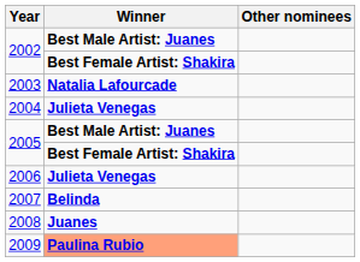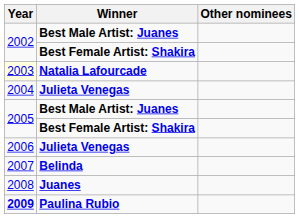 <table class="wikitable">
 <tr>
 <th>Year</th>
 <th>Winner</th>
 <th>Other nominees</th>
 </tr>
 <tr>
 <td rowspan="2"><a href='#'>2002</a></td>
 <td><strong>Best Male Artist: <a href='#'>Juanes</a></strong></td>
 <td></td>
 </tr>
 <tr>
 <td><strong>Best Female Artist: <a href='#'>Shakira</a></strong></td>
 <td></td>
 </tr>
 <tr>
-<td><a href='#'>2003</a></td>
+<td style="background: lightyellow;"><a href='#'>2003</a></td>
 <td><strong><a href='#'>Natalia Lafourcade</a></strong></td>
 <td></td>
 </tr>
 <tr>
 <td><a href='#'>2004</a></td>
 <td><strong><a href='#'>Julieta Venegas</a></strong></td>
 <td></td>
 </tr>
 <tr>
 <td rowspan="2"><a href='#'>2005</a></td>
 <td><strong>Best Male Artist: <a href='#'>Juanes</a></strong></td>
 <td></td>
 </tr>
 <tr>
 <td><strong>Best Female Artist: <a href='#'>Shakira</a></strong></td>
 <td></td>
 </tr>
 <tr>
 <td><a href='#'>2006</a></td>
 <td><strong><a href='#'>Julieta Venegas</a></strong></td>
 <td></td>
 </tr>
 <tr>
 <td><a href='#'>2007</a></td>
 <td><strong><a href='#'>Belinda</a></strong></td>
 <td></td>
 </tr>
 <tr>
 <td><a href='#'>2008</a></td>
 <td><strong><a href='#'>Juanes</a></strong></td>
 <td></td>
 </tr>
 <tr>
-<td><a href='#'>2009</a></td>
-<td style="background: lightsalmon;"><strong><a href='#'>Paulina Rubio</a></strong></td>
+<td><strong><a href='#'>2009</a></strong></td>
+<td><strong><a href='#'>Paulina Rubio</a></strong></td>
 <td></td>
 </tr>
 </table>
